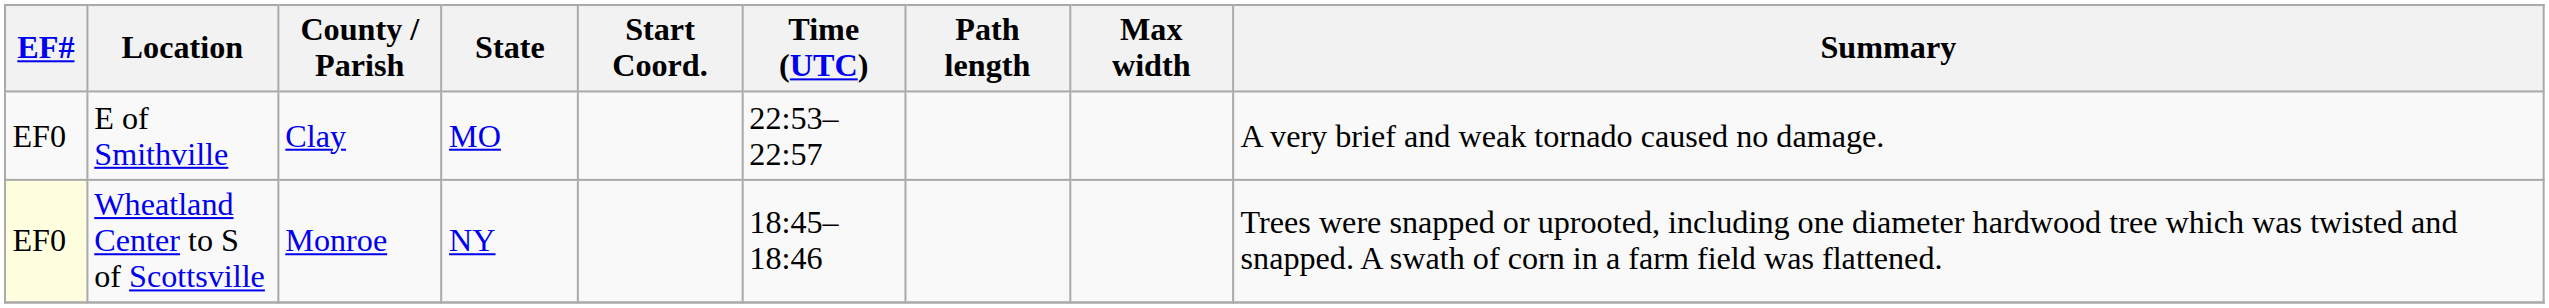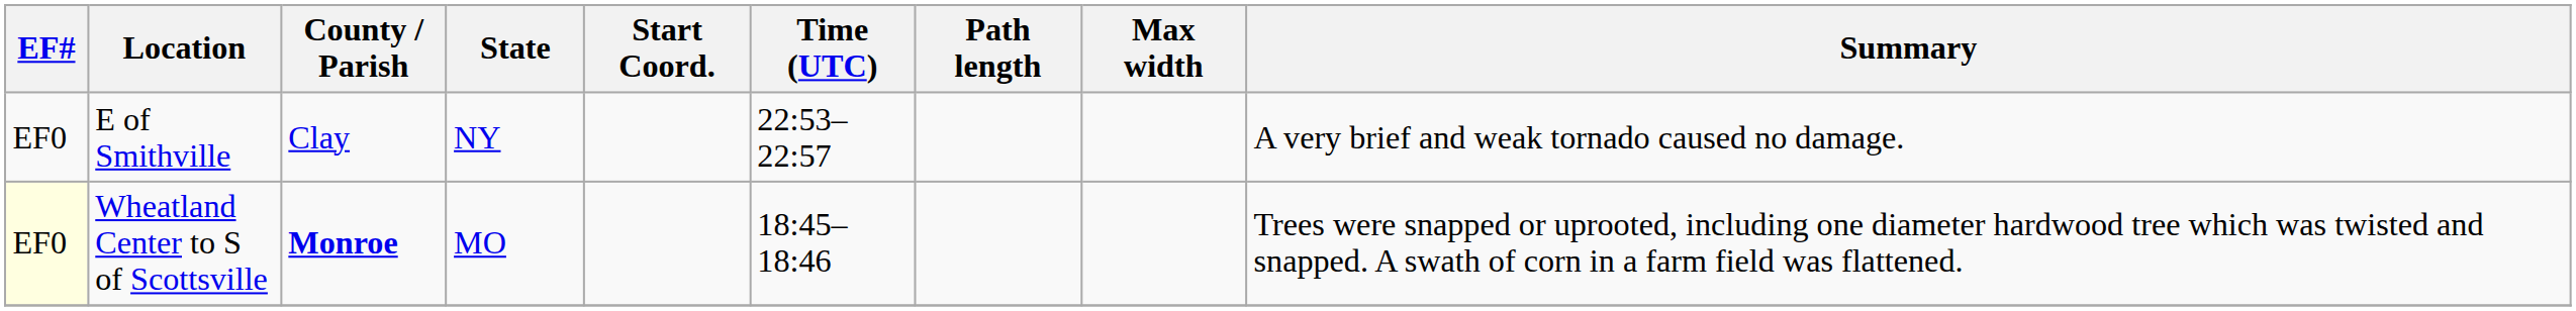 <table class="wikitable sortable" style="width:100%;">
 <tr>
 <th scope="col"  style="width:3%; text-align:center;"><a href='#'>EF#</a></th>
 <th scope="col"  style="width:7%; text-align:center;" class="unsortable">Location</th>
 <th scope="col"  style="width:6%; text-align:center;" class="unsortable">County / Parish</th>
 <th scope="col"  style="width:5%; text-align:center;">State</th>
 <th scope="col"  style="width:6%; text-align:center;">Start Coord.</th>
 <th scope="col"  style="width:6%; text-align:center;">Time (<a href='#'>UTC</a>)</th>
 <th scope="col"  style="width:6%; text-align:center;">Path length</th>
 <th scope="col"  style="width:6%; text-align:center;">Max width</th>
 <th scope="col" class="unsortable" style="width:48%; text-align:center;">Summary</th>
 </tr>
 <tr>
 <td>EF0</td>
 <td>E of <a href='#'>Smithville</a></td>
 <td><a href='#'>Clay</a></td>
-<td><a href='#'>MO</a></td>
+<td><a href='#'>NY</a></td>
 <td></td>
 <td>22:53–22:57</td>
 <td></td>
 <td></td>
 <td>A very brief and weak tornado caused no damage.</td>
 </tr>
 <tr>
 <td style="background: lightyellow;">EF0</td>
 <td><a href='#'>Wheatland Center</a> to S of <a href='#'>Scottsville</a></td>
-<td><a href='#'>Monroe</a></td>
-<td><a href='#'>NY</a></td>
+<td><strong><a href='#'>Monroe</a></strong></td>
+<td><a href='#'>MO</a></td>
 <td></td>
 <td>18:45–18:46</td>
 <td></td>
 <td></td>
 <td>Trees were snapped or uprooted, including one  diameter hardwood tree which was twisted and snapped. A swath of corn in a farm field was flattened.</td>
 </tr>
 <tr>
 </tr>
 </table>
